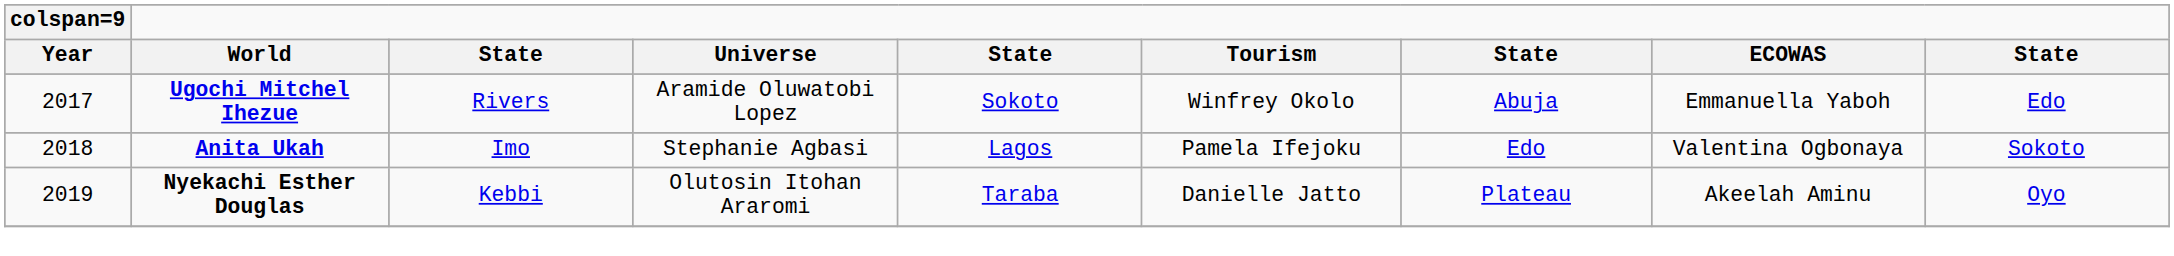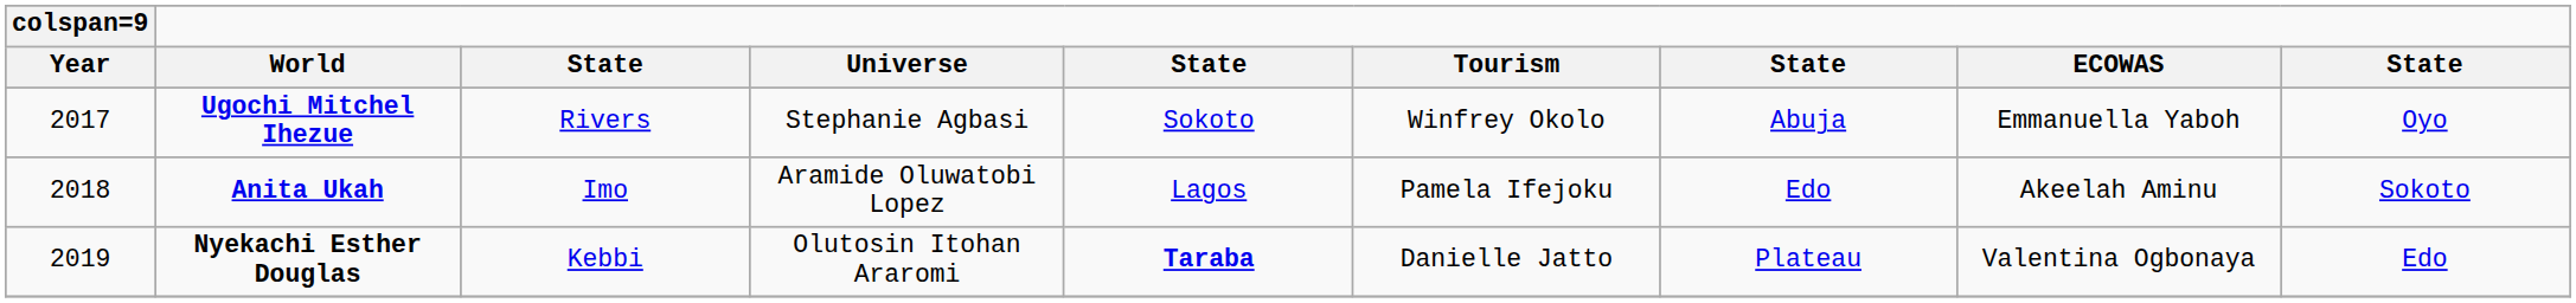 <table class="wikitable sortable" style="font-size: 95%; text-align:center">
 <tr>
 <th>colspan=9 </th>
 </tr>
 <tr>
 <th width="60">Year</th>
 <th width="250">World</th>
 <th width="250">State</th>
 <th width="250">Universe</th>
 <th width="250">State</th>
 <th width="250">Tourism</th>
 <th width="250">State</th>
 <th width="250">ECOWAS</th>
 <th width="250">State</th>
 </tr>
 <tr>
 <td>2017</td>
 <td><strong><a href='#'>Ugochi Mitchel Ihezue</a></strong></td>
 <td><a href='#'>Rivers</a></td>
-<td>Aramide Oluwatobi Lopez</td>
+<td>Stephanie Agbasi</td>
 <td><a href='#'>Sokoto</a></td>
 <td>Winfrey Okolo</td>
 <td><a href='#'>Abuja</a></td>
 <td>Emmanuella Yaboh</td>
-<td><a href='#'>Edo</a></td>
+<td><a href='#'>Oyo</a></td>
 </tr>
 <tr>
 <td>2018</td>
 <td><strong><a href='#'>Anita Ukah</a></strong></td>
 <td><a href='#'>Imo</a></td>
-<td>Stephanie Agbasi</td>
+<td>Aramide Oluwatobi Lopez</td>
 <td><a href='#'>Lagos</a></td>
 <td>Pamela Ifejoku</td>
 <td><a href='#'>Edo</a></td>
-<td>Valentina Ogbonaya</td>
+<td>Akeelah Aminu</td>
 <td><a href='#'>Sokoto</a></td>
 </tr>
 <tr>
 <td>2019</td>
 <td><strong>Nyekachi Esther Douglas</strong></td>
 <td><a href='#'>Kebbi</a></td>
 <td>Olutosin Itohan Araromi</td>
-<td><a href='#'>Taraba</a></td>
+<td><strong><a href='#'>Taraba</a></strong></td>
 <td>Danielle Jatto</td>
 <td><a href='#'>Plateau</a></td>
-<td>Akeelah Aminu</td>
-<td><a href='#'>Oyo</a></td>
+<td>Valentina Ogbonaya</td>
+<td><a href='#'>Edo</a></td>
 </tr>
 <tr>
 </tr>
 </table>
